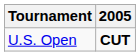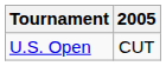 <table class="wikitable" style="font-size:95%;text-align:center;">
 <tr>
 <th>Tournament</th>
 <th>2005</th>
 </tr>
 <tr>
 <td align=left><a href='#'>U.S. Open</a></td>
-<td><strong>CUT</strong></td>
+<td>CUT</td>
 </tr>
 </table>
